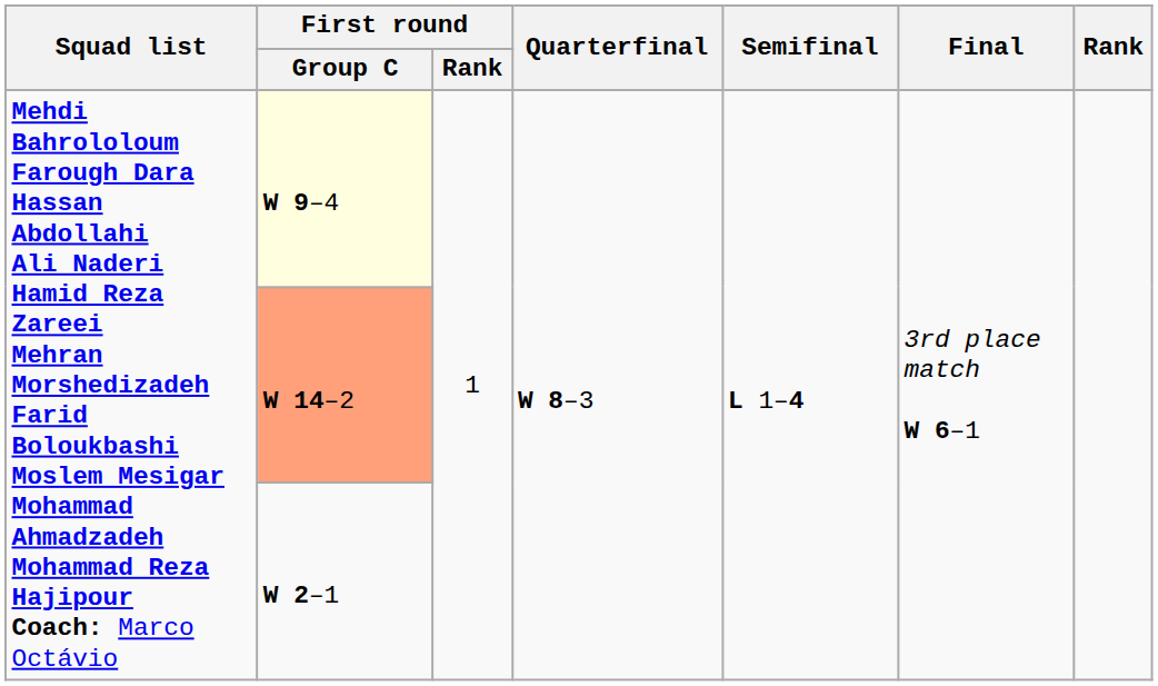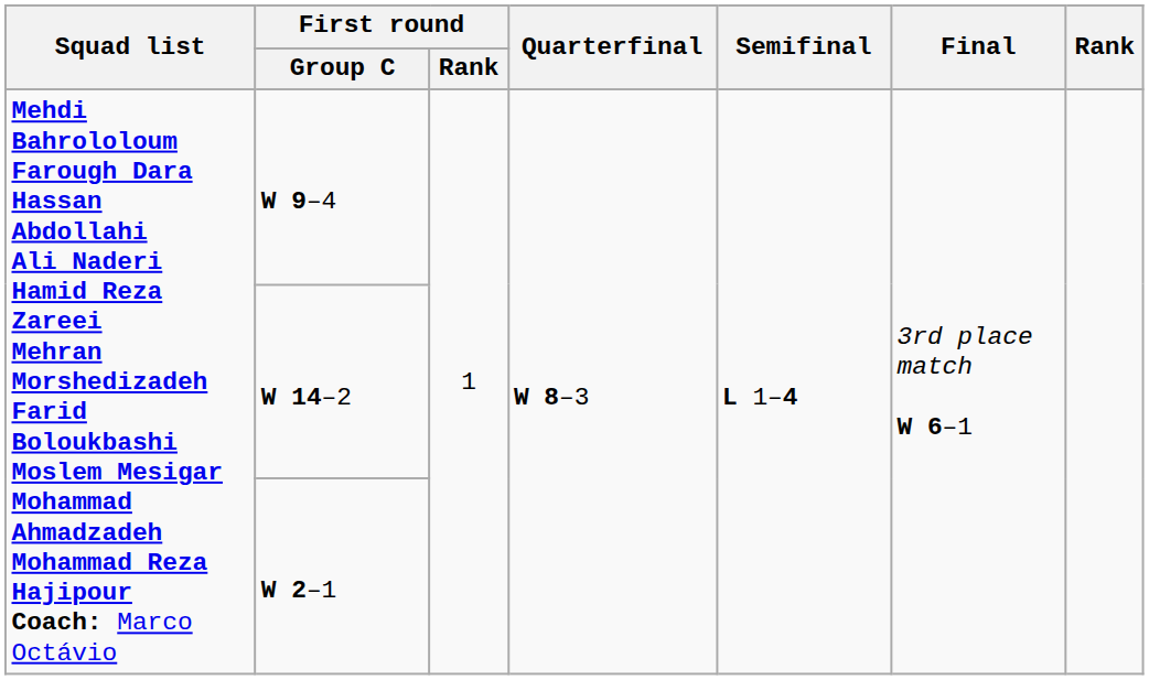 <table class="wikitable" width="85%" style="text-align:left; font-size:90%">
 <tr>
 <th rowspan="2" width="20%">Squad list</th>
 <th colspan="2">First round</th>
 <th rowspan="2" width="14%">Quarterfinal</th>
 <th rowspan="2" width="14%">Semifinal</th>
 <th rowspan="2" width="14%">Final</th>
 <th rowspan="2" width="5%">Rank</th>
 </tr>
 <tr>
 <th width="14%">Group C</th>
 <th width="5%">Rank</th>
 </tr>
 <tr>
 <td rowspan="3"><strong><a href='#'>Mehdi Bahrololoum</a><br><a href='#'>Farough Dara</a><br><a href='#'>Hassan Abdollahi</a><br><a href='#'>Ali Naderi</a><br><a href='#'>Hamid Reza Zareei</a><br><a href='#'>Mehran Morshedizadeh</a><br><a href='#'>Farid Boloukbashi</a><br><a href='#'>Moslem Mesigar</a><br><a href='#'>Mohammad Ahmadzadeh</a><br><a href='#'>Mohammad Reza Hajipour</a><br> Coach:</strong>  <a href='#'>Marco Octávio</a></td>
-<td style="background: lightyellow;"><br><strong>W</strong> <strong>9</strong>–4</td>
+<td><br><strong>W</strong> <strong>9</strong>–4</td>
 <td rowspan="3" align=center>1 <strong></strong></td>
 <td rowspan="3"><br><strong>W</strong> <strong>8</strong>–3</td>
 <td rowspan="3"><br><strong>L</strong> 1–<strong>4</strong></td>
 <td rowspan="3"><em>3rd place match</em><br><br><strong>W</strong> <strong>6</strong>–1</td>
 <td rowspan="3" align="center"></td>
 </tr>
 <tr>
-<td style="background: lightsalmon;"><br><strong>W</strong> <strong>14</strong>–2</td>
+<td><br><strong>W</strong> <strong>14</strong>–2</td>
 </tr>
 <tr>
 <td><br><strong>W</strong> <strong>2</strong>–1</td>
 </tr>
 </table>
